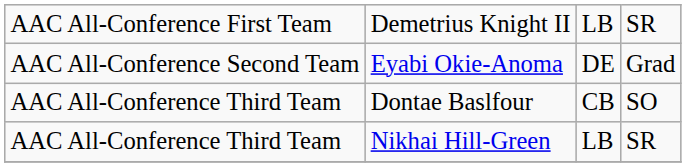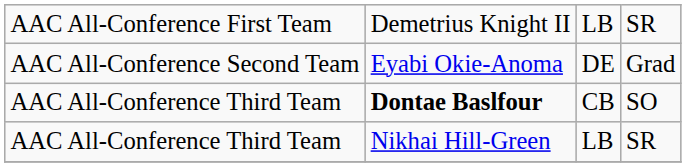 <table class="wikitable">
 <tr>
 <td>AAC All-Conference First Team</td>
 <td>Demetrius Knight II</td>
 <td>LB</td>
 <td>SR</td>
 </tr>
 <tr>
 <td>AAC All-Conference Second Team</td>
 <td><a href='#'>Eyabi Okie-Anoma</a></td>
 <td>DE</td>
 <td>Grad</td>
 </tr>
 <tr>
 <td>AAC All-Conference Third Team</td>
-<td>Dontae Baslfour</td>
+<td><strong>Dontae Baslfour</strong></td>
 <td>CB</td>
 <td>SO</td>
 </tr>
 <tr>
 <td>AAC All-Conference Third Team</td>
 <td><a href='#'>Nikhai Hill-Green</a></td>
 <td>LB</td>
 <td>SR</td>
 </tr>
 <tr>
 </tr>
 </table>
